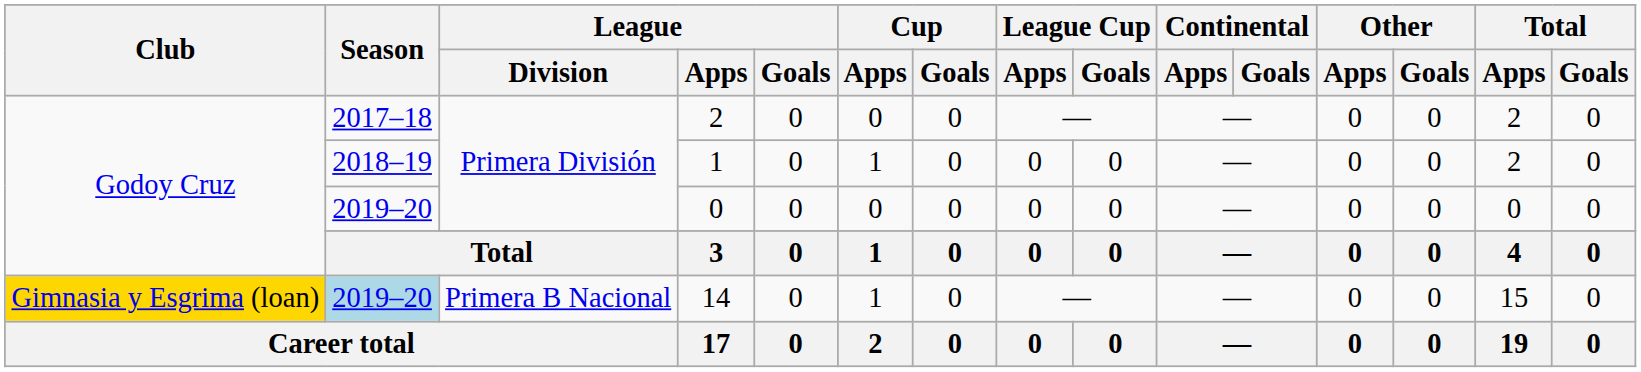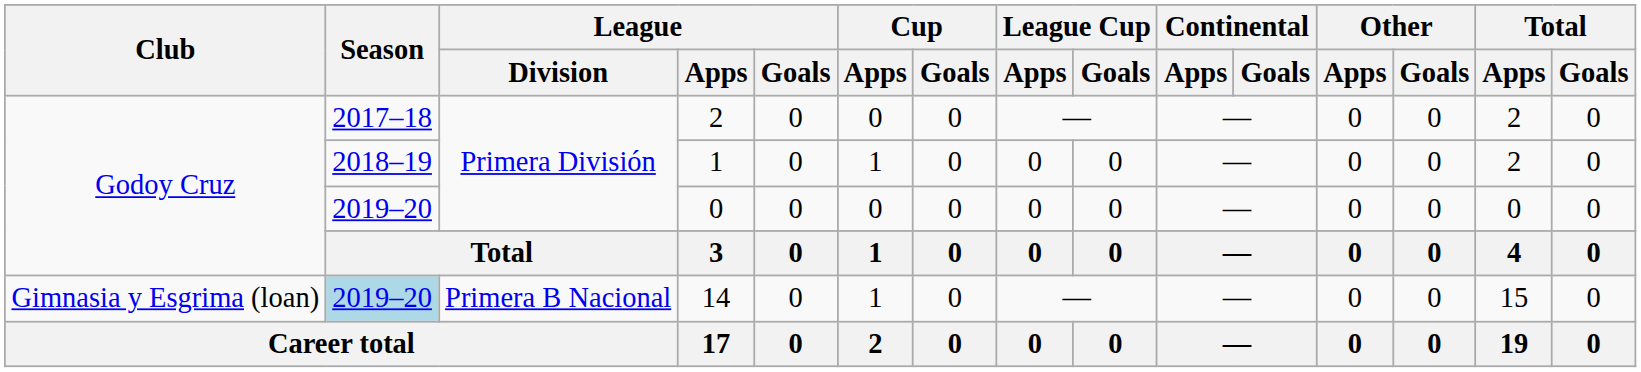 <table class="wikitable" style="text-align:center">
 <tr>
 <th rowspan="2">Club</th>
 <th rowspan="2">Season</th>
 <th colspan="3">League</th>
 <th colspan="2">Cup</th>
 <th colspan="2">League Cup</th>
 <th colspan="2">Continental</th>
 <th colspan="2">Other</th>
 <th colspan="2">Total</th>
 </tr>
 <tr>
 <th>Division</th>
 <th>Apps</th>
 <th>Goals</th>
 <th>Apps</th>
 <th>Goals</th>
 <th>Apps</th>
 <th>Goals</th>
 <th>Apps</th>
 <th>Goals</th>
 <th>Apps</th>
 <th>Goals</th>
 <th>Apps</th>
 <th>Goals</th>
 </tr>
 <tr>
 <td rowspan="4"><a href='#'>Godoy Cruz</a></td>
 <td><a href='#'>2017–18</a></td>
 <td rowspan="3"><a href='#'>Primera División</a></td>
 <td>2</td>
 <td>0</td>
 <td>0</td>
 <td>0</td>
 <td colspan="2">—</td>
 <td colspan="2">—</td>
 <td>0</td>
 <td>0</td>
 <td>2</td>
 <td>0</td>
 </tr>
 <tr>
 <td><a href='#'>2018–19</a></td>
 <td>1</td>
 <td>0</td>
 <td>1</td>
 <td>0</td>
 <td>0</td>
 <td>0</td>
 <td colspan="2">—</td>
 <td>0</td>
 <td>0</td>
 <td>2</td>
 <td>0</td>
 </tr>
 <tr>
 <td><a href='#'>2019–20</a></td>
 <td>0</td>
 <td>0</td>
 <td>0</td>
 <td>0</td>
 <td>0</td>
 <td>0</td>
 <td colspan="2">—</td>
 <td>0</td>
 <td>0</td>
 <td>0</td>
 <td>0</td>
 </tr>
 <tr>
 <th colspan="2">Total</th>
 <th>3</th>
 <th>0</th>
 <th>1</th>
 <th>0</th>
 <th>0</th>
 <th>0</th>
 <th colspan="2">—</th>
 <th>0</th>
 <th>0</th>
 <th>4</th>
 <th>0</th>
 </tr>
 <tr>
-<td rowspan="1" style="background: gold;"><a href='#'>Gimnasia y Esgrima</a> (loan)</td>
+<td rowspan="1"><a href='#'>Gimnasia y Esgrima</a> (loan)</td>
 <td style="background: lightblue;"><a href='#'>2019–20</a></td>
 <td rowspan="1"><a href='#'>Primera B Nacional</a></td>
 <td>14</td>
 <td>0</td>
 <td>1</td>
 <td>0</td>
 <td colspan="2">—</td>
 <td colspan="2">—</td>
 <td>0</td>
 <td>0</td>
 <td>15</td>
 <td>0</td>
 </tr>
 <tr>
 <th colspan="3">Career total</th>
 <th>17</th>
 <th>0</th>
 <th>2</th>
 <th>0</th>
 <th>0</th>
 <th>0</th>
 <th colspan="2">—</th>
 <th>0</th>
 <th>0</th>
 <th>19</th>
 <th>0</th>
 </tr>
 </table>
